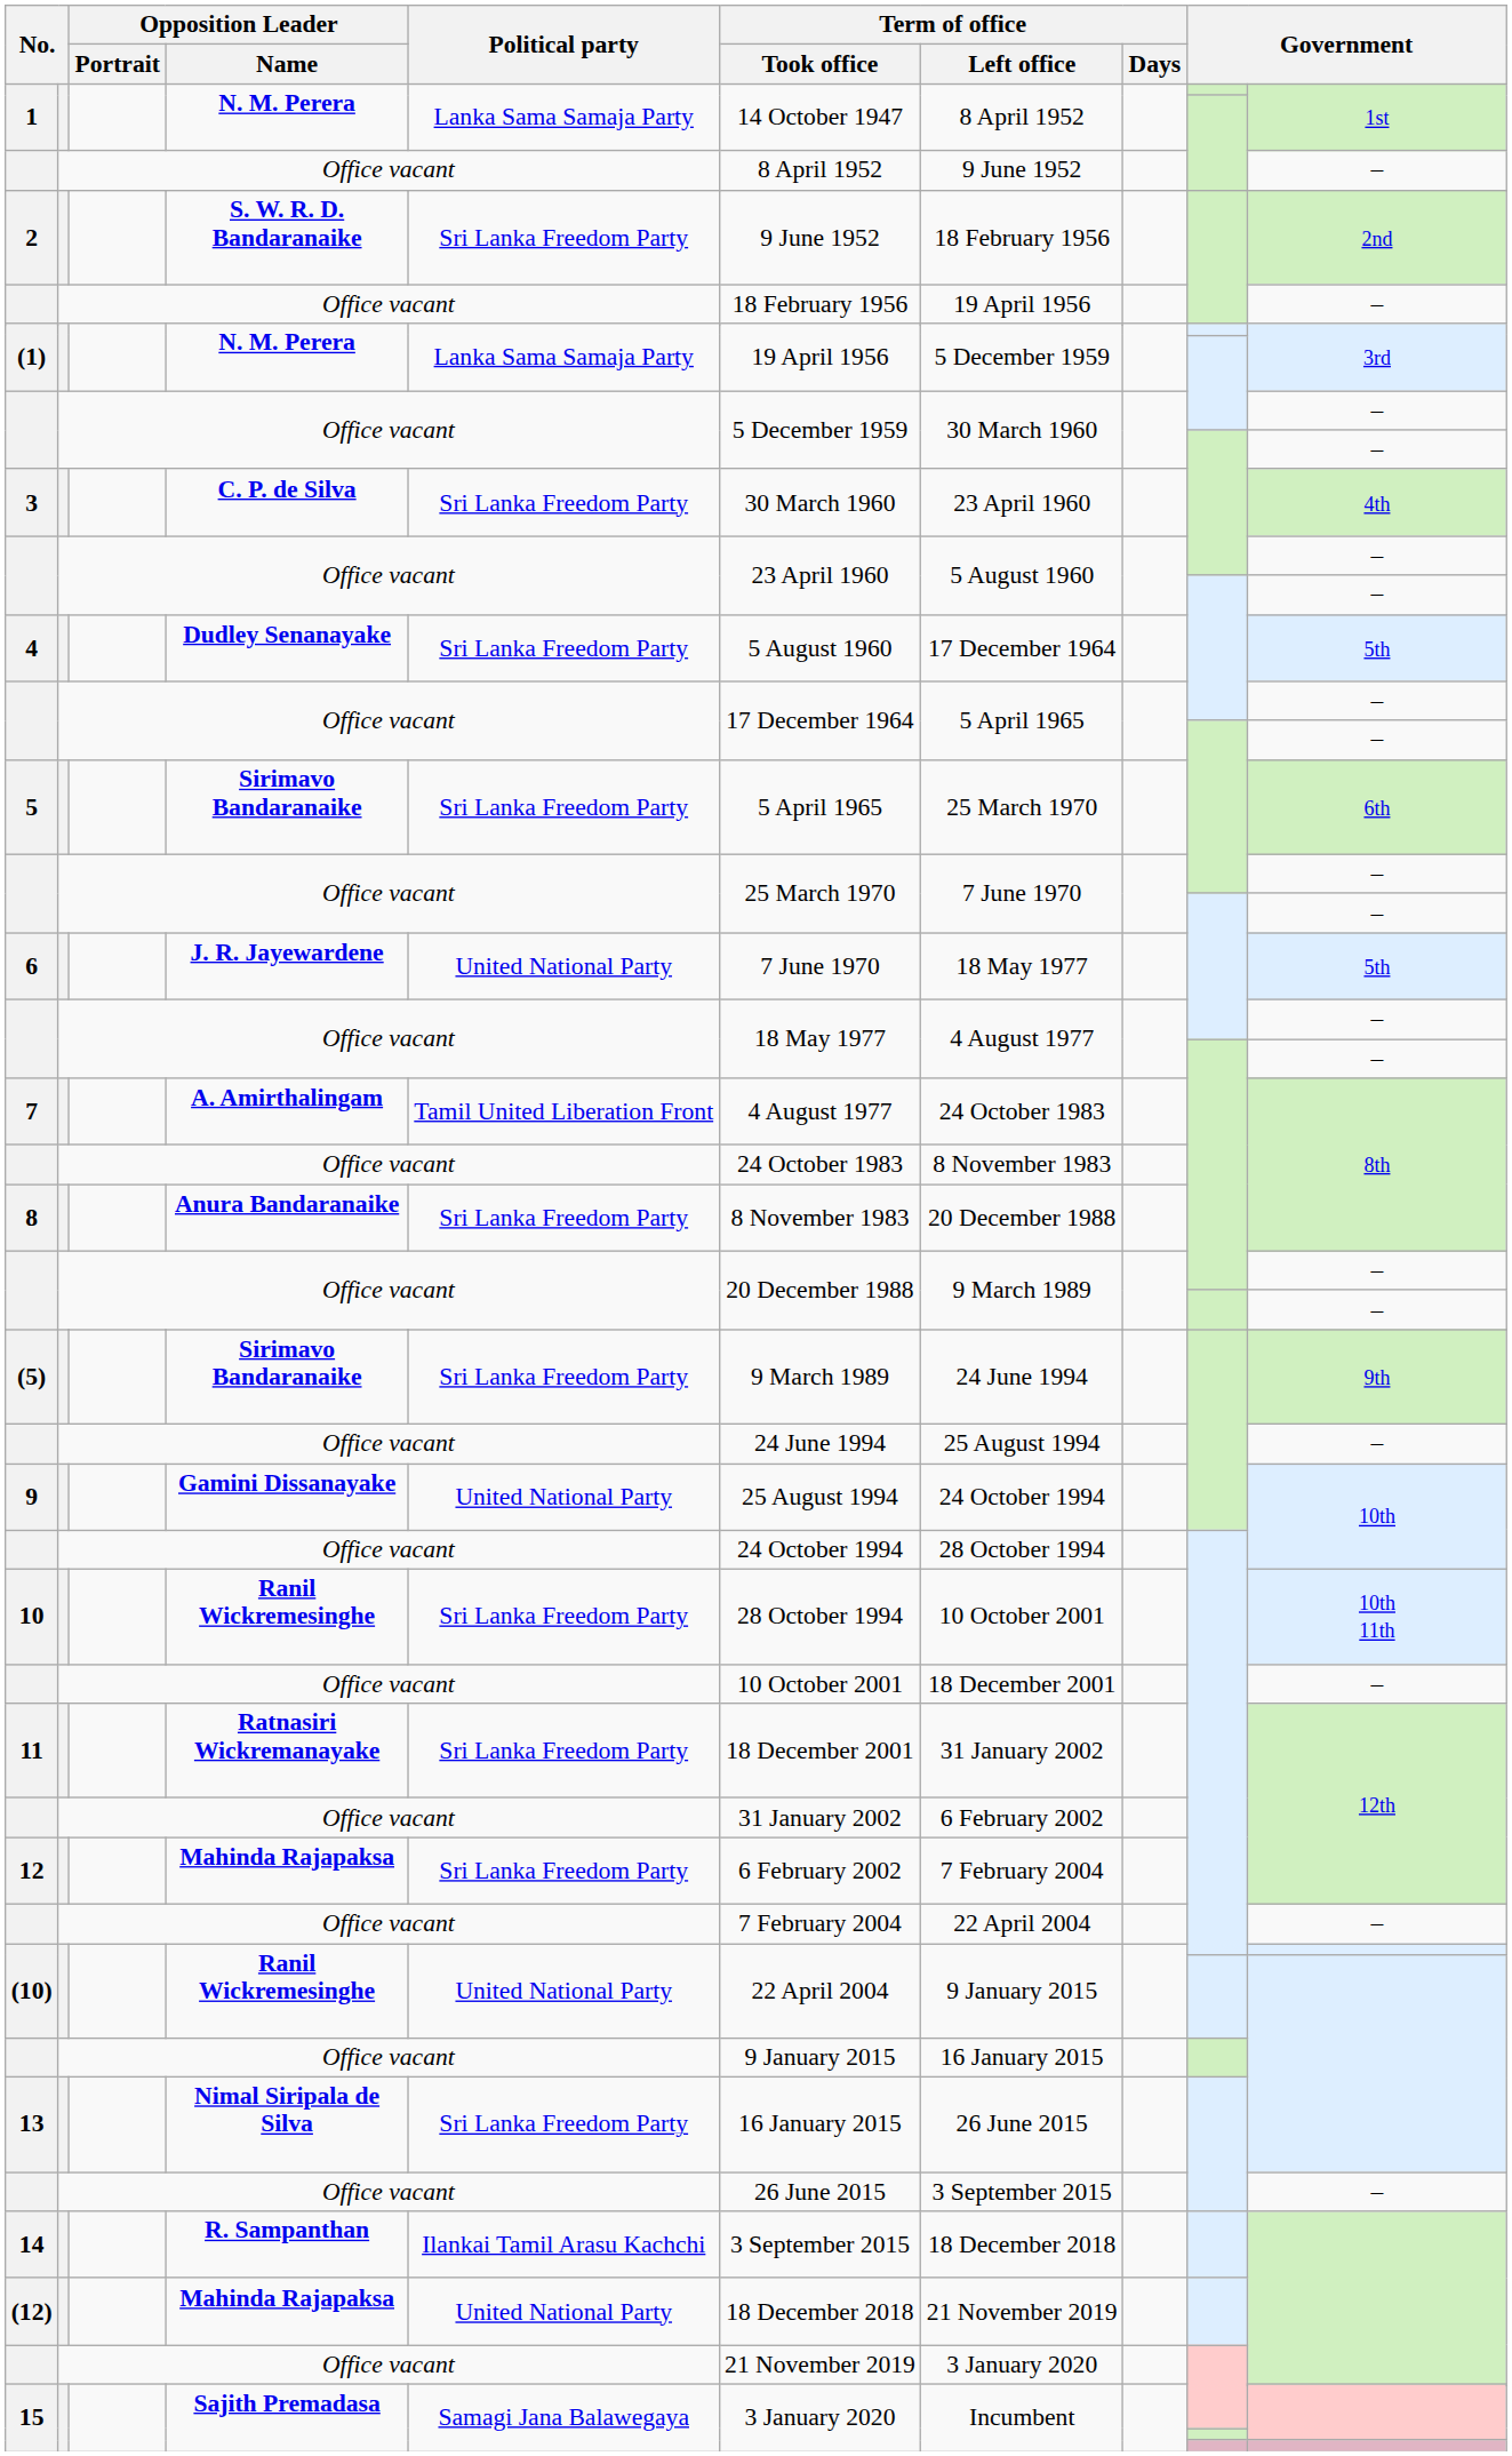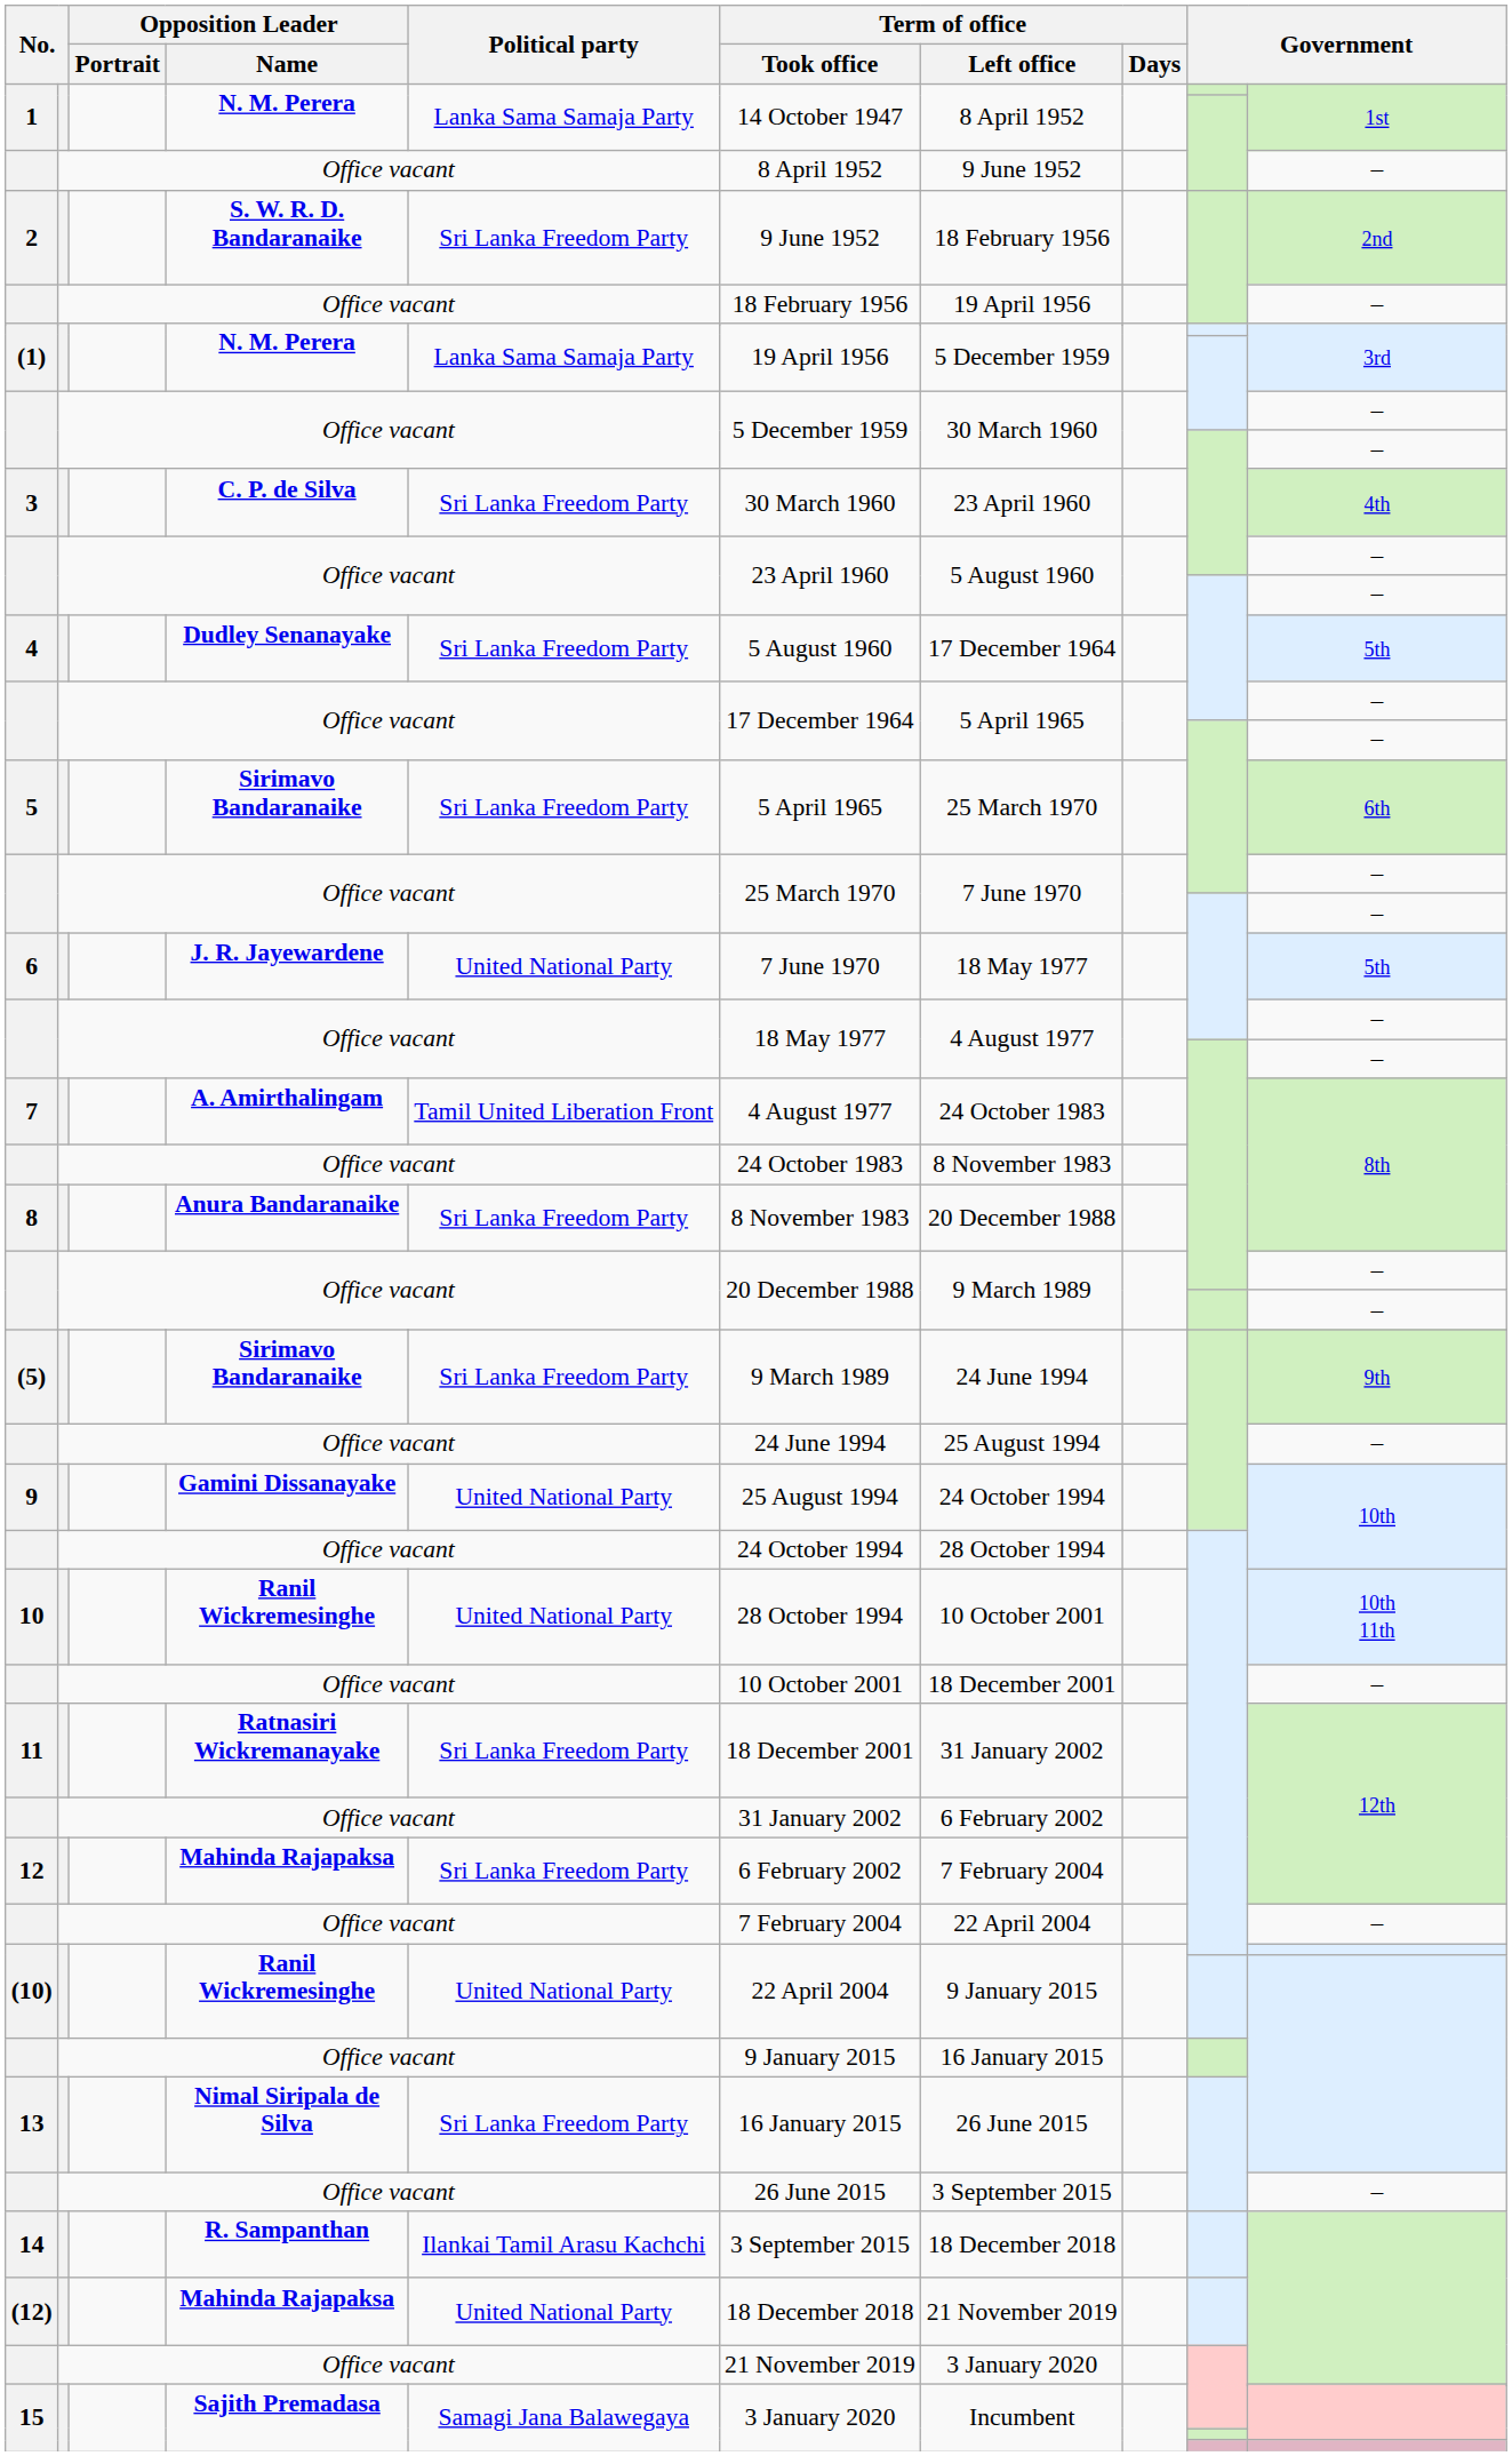 <table class="wikitable" style="text-align:center">
 <tr>
 <th colspan="2" rowspan="2">No.<br></th>
 <th colspan="2">Opposition Leader</th>
 <th rowspan="2">Political party</th>
 <th colspan="3">Term of office</th>
 <th style="width:200px;" colspan="2" rowspan="2">Government</th>
 </tr>
 <tr>
 <th>Portrait</th>
 <th width="150px">Name<br></th>
 <th>Took office</th>
 <th>Left office</th>
 <th>Days</th>
 </tr>
 <tr>
 <th rowspan="2">1</th>
 <th rowspan="2" style="background:"></th>
 <td rowspan=2></td>
 <td rowspan=2><strong><a href='#'>N. M. Perera</a></strong><br><br></td>
 <td rowspan="2"><a href='#'>Lanka Sama Samaja Party</a></td>
 <td rowspan="2">14 October 1947</td>
 <td rowspan=2>8 April 1952</td>
 <td rowspan=2></td>
 <td bgcolor=#D0F0C0></td>
 <td rowspan="2" bgcolor=#D0F0C0><small><a href='#'>1st</a></small></td>
 </tr>
 <tr>
 <td rowspan="3" bgcolor=#D0F0C0></td>
 </tr>
 <tr>
 <th></th>
 <td colspan="4"><em>Office vacant</em></td>
 <td>8 April 1952</td>
 <td>9 June 1952</td>
 <td></td>
 <td>–</td>
 </tr>
 <tr>
 <th rowspan="2">2</th>
 <th rowspan="2" style="background:"></th>
 <td rowspan=2></td>
 <td rowspan=2><strong><a href='#'>S. W. R. D. Bandaranaike</a></strong><br><br></td>
 <td rowspan="2"><a href='#'>Sri Lanka Freedom Party</a></td>
 <td rowspan="2">9 June 1952</td>
 <td rowspan=2>18 February 1956</td>
 <td rowspan=2></td>
 <td rowspan="2" bgcolor=#D0F0C0><small><a href='#'>2nd</a></small></td>
 </tr>
 <tr>
 <td rowspan="2" bgcolor=#D0F0C0></td>
 </tr>
 <tr>
 <th rowspan="2"></th>
 <td colspan="4" rowspan="2"><em>Office vacant</em></td>
 <td rowspan=2>18 February 1956</td>
 <td rowspan=2>19 April 1956</td>
 <td rowspan=2></td>
 <td>–</td>
 </tr>
 <tr>
 <td rowspan="2" bgcolor=#ddeeff></td>
 <td rowspan="3" bgcolor=#ddeeff><small><a href='#'>3rd</a></small></td>
 </tr>
 <tr>
 <th rowspan="2">(1)</th>
 <th rowspan="2" style="background:"></th>
 <td rowspan=2></td>
 <td rowspan=2><strong><a href='#'>N. M. Perera</a></strong><br><br></td>
 <td rowspan="2"><a href='#'>Lanka Sama Samaja Party</a></td>
 <td rowspan="2">19 April 1956</td>
 <td rowspan=2>5 December 1959</td>
 <td rowspan=2></td>
 </tr>
 <tr>
 <td rowspan="2" bgcolor=#ddeeff></td>
 </tr>
 <tr>
 <th rowspan="2"></th>
 <td colspan="4" rowspan="2"><em>Office vacant</em></td>
 <td rowspan=2>5 December 1959</td>
 <td rowspan=2>30 March 1960</td>
 <td rowspan=2></td>
 <td>–</td>
 </tr>
 <tr>
 <td rowspan="3" bgcolor=#D0F0C0></td>
 <td>–</td>
 </tr>
 <tr>
 <th>3</th>
 <th style="background:"></th>
 <td></td>
 <td><strong><a href='#'>C. P. de Silva</a></strong><br><br></td>
 <td><a href='#'>Sri Lanka Freedom Party</a></td>
 <td>30 March 1960</td>
 <td>23 April 1960</td>
 <td></td>
 <td bgcolor=#D0F0C0><small><a href='#'>4th</a></small></td>
 </tr>
 <tr>
 <th rowspan="2"></th>
 <td colspan="4" rowspan="2"><em>Office vacant</em></td>
 <td rowspan=2>23 April 1960</td>
 <td rowspan=2>5 August 1960</td>
 <td rowspan=2></td>
 <td>–</td>
 </tr>
 <tr>
 <td rowspan="3" bgcolor=#ddeeff></td>
 <td>–</td>
 </tr>
 <tr>
 <th>4</th>
 <th style="background:"></th>
 <td></td>
 <td><strong><a href='#'>Dudley Senanayake</a></strong><br><br></td>
 <td><a href='#'>Sri Lanka Freedom Party</a></td>
 <td>5 August 1960</td>
 <td>17 December 1964</td>
 <td></td>
 <td bgcolor=#ddeeff><small><a href='#'>5th</a></small></td>
 </tr>
 <tr>
 <th rowspan="2"></th>
 <td colspan="4" rowspan="2"><em>Office vacant</em></td>
 <td rowspan=2>17 December 1964</td>
 <td rowspan=2>5 April 1965</td>
 <td rowspan=2></td>
 <td>–</td>
 </tr>
 <tr>
 <td rowspan="3" bgcolor=#D0F0C0></td>
 <td>–</td>
 </tr>
 <tr>
 <th>5</th>
 <th style="background:"></th>
 <td></td>
 <td><strong><a href='#'>Sirimavo Bandaranaike</a></strong><br><br></td>
 <td><a href='#'>Sri Lanka Freedom Party</a></td>
 <td>5 April 1965</td>
 <td>25 March 1970</td>
 <td></td>
 <td bgcolor=#D0F0C0><small><a href='#'>6th</a></small></td>
 </tr>
 <tr>
 <th rowspan="2"></th>
 <td colspan="4" rowspan="2"><em>Office vacant</em></td>
 <td rowspan=2>25 March 1970</td>
 <td rowspan=2>7 June 1970</td>
 <td rowspan=2></td>
 <td>–</td>
 </tr>
 <tr>
 <td rowspan="3" bgcolor=#ddeeff></td>
 <td>–</td>
 </tr>
 <tr>
 <th>6</th>
 <th style="background:"></th>
 <td></td>
 <td><strong><a href='#'>J. R. Jayewardene</a></strong><br><br></td>
 <td><a href='#'>United National Party</a></td>
 <td>7 June 1970</td>
 <td>18 May 1977</td>
 <td></td>
 <td bgcolor=#ddeeff><small><a href='#'>5th</a></small></td>
 </tr>
 <tr>
 <th rowspan="2"></th>
 <td colspan="4" rowspan="2"><em>Office vacant</em></td>
 <td rowspan=2>18 May 1977</td>
 <td rowspan=2>4 August 1977</td>
 <td rowspan=2></td>
 <td>–</td>
 </tr>
 <tr>
 <td rowspan="5" bgcolor=#D0F0C0></td>
 <td>–</td>
 </tr>
 <tr>
 <th>7</th>
 <th style="background:"></th>
 <td></td>
 <td><strong><a href='#'>A. Amirthalingam</a></strong><br><br></td>
 <td><a href='#'>Tamil United Liberation Front</a></td>
 <td>4 August 1977</td>
 <td>24 October 1983</td>
 <td></td>
 <td rowspan="3" bgcolor=#D0F0C0><small><a href='#'>8th</a></small></td>
 </tr>
 <tr>
 <th></th>
 <td colspan="4"><em>Office vacant</em></td>
 <td>24 October 1983</td>
 <td>8 November 1983</td>
 <td></td>
 </tr>
 <tr>
 <th>8</th>
 <th style="background:"></th>
 <td></td>
 <td><strong><a href='#'>Anura Bandaranaike</a></strong><br><br></td>
 <td><a href='#'>Sri Lanka Freedom Party</a></td>
 <td>8 November 1983</td>
 <td>20 December 1988</td>
 <td></td>
 </tr>
 <tr>
 <th rowspan="2"></th>
 <td colspan="4" rowspan="2"><em>Office vacant</em></td>
 <td rowspan=2>20 December 1988</td>
 <td rowspan=2>9 March 1989</td>
 <td rowspan=2></td>
 <td>–</td>
 </tr>
 <tr>
 <td rowspan="2" bgcolor=#D0F0C0></td>
 <td>–</td>
 </tr>
 <tr>
 <th rowspan="2">(5)</th>
 <th rowspan="2" style="background:"></th>
 <td rowspan=2></td>
 <td rowspan=2><strong><a href='#'>Sirimavo Bandaranaike</a></strong><br><br></td>
 <td rowspan="2"><a href='#'>Sri Lanka Freedom Party</a></td>
 <td rowspan="2">9 March 1989</td>
 <td rowspan=2>24 June 1994</td>
 <td rowspan=2></td>
 <td rowspan="2" bgcolor=#D0F0C0><small><a href='#'>9th</a></small></td>
 </tr>
 <tr>
 <td rowspan="4" bgcolor="#D0F0C0"></td>
 </tr>
 <tr>
 <th></th>
 <td colspan="4"><em>Office vacant</em></td>
 <td>24 June 1994</td>
 <td>25 August 1994</td>
 <td></td>
 <td>–</td>
 </tr>
 <tr>
 <th>9</th>
 <th style="background:"></th>
 <td></td>
 <td><strong><a href='#'>Gamini Dissanayake</a></strong><br><br></td>
 <td><a href='#'>United National Party</a></td>
 <td>25 August 1994</td>
 <td>24 October 1994</td>
 <td></td>
 <td rowspan="3" bgcolor="#ddeeff"><small><a href='#'>10th</a></small></td>
 </tr>
 <tr>
 <th rowspan="2"></th>
 <td colspan="4" rowspan="2"><em>Office vacant</em></td>
 <td rowspan="2">24 October 1994</td>
 <td rowspan="2">28 October 1994</td>
 <td rowspan="2"></td>
 </tr>
 <tr>
 <td rowspan="8" bgcolor="#ddeeff"></td>
 </tr>
 <tr>
 <th>10</th>
 <th style="background:"></th>
 <td></td>
 <td><strong><a href='#'>Ranil Wickremesinghe</a></strong><br><br></td>
-<td><a href='#'>Sri Lanka Freedom Party</a></td>
+<td><a href='#'>United National Party</a></td>
 <td>28 October 1994</td>
 <td>10 October 2001</td>
 <td></td>
 <td bgcolor="#ddeeff"><small><a href='#'>10th</a></small><br><small><a href='#'>11th</a></small></td>
 </tr>
 <tr>
 <th></th>
 <td colspan="4"><em>Office vacant</em></td>
 <td>10 October 2001</td>
 <td>18 December 2001</td>
 <td></td>
 <td>–</td>
 </tr>
 <tr>
 <th>11</th>
 <th style="background:"></th>
 <td></td>
 <td><strong><a href='#'>Ratnasiri Wickremanayake</a></strong><br><br></td>
 <td><a href='#'>Sri Lanka Freedom Party</a></td>
 <td>18 December 2001</td>
 <td>31 January 2002</td>
 <td></td>
 <td rowspan="3" bgcolor=#D0F0C0><small><a href='#'>12th</a></small></td>
 </tr>
 <tr>
 <th></th>
 <td colspan="4"><em>Office vacant</em></td>
 <td>31 January 2002</td>
 <td>6 February 2002</td>
 <td></td>
 </tr>
 <tr>
 <th>12</th>
 <th style="background:"></th>
 <td></td>
 <td><strong><a href='#'>Mahinda Rajapaksa</a></strong><br><br></td>
 <td><a href='#'>Sri Lanka Freedom Party</a></td>
 <td>6 February 2002</td>
 <td>7 February 2004</td>
 <td></td>
 </tr>
 <tr>
 <th></th>
 <td colspan="4"><em>Office vacant</em></td>
 <td>7 February 2004</td>
 <td>22 April 2004</td>
 <td></td>
 <td>–</td>
 </tr>
 <tr>
 <th rowspan="2">(10)</th>
 <th rowspan="2" style="background:"></th>
 <td rowspan=2></td>
 <td rowspan=2><strong><a href='#'>Ranil Wickremesinghe</a></strong><br><br></td>
 <td rowspan="2"><a href='#'>United National Party</a></td>
 <td rowspan="2">22 April 2004</td>
 <td rowspan=2>9 January 2015</td>
 <td rowspan=2></td>
 <td bgcolor=#ddeeff></td>
 </tr>
 <tr>
 <td bgcolor=#ddeeff></td>
 <td rowspan="3" bgcolor="#ddeeff"></td>
 </tr>
 <tr>
 <th></th>
 <td colspan="4"><em>Office vacant</em></td>
 <td>9 January 2015</td>
 <td>16 January 2015</td>
 <td></td>
 <td rowspan="1" bgcolor=#D0F0C0></td>
 </tr>
 <tr>
 <th>13</th>
 <th style="background:"></th>
 <td></td>
 <td><strong><a href='#'>Nimal Siripala de Silva</a></strong><br><br></td>
 <td><a href='#'>Sri Lanka Freedom Party</a></td>
 <td>16 January 2015</td>
 <td>26 June 2015</td>
 <td></td>
 <td rowspan="2" bgcolor=#ddeeff></td>
 </tr>
 <tr>
 <th></th>
 <td colspan="4"><em>Office vacant</em></td>
 <td>26 June 2015</td>
 <td>3 September 2015</td>
 <td></td>
 <td>–</td>
 </tr>
 <tr>
 <th>14</th>
 <th style="background:"></th>
 <td></td>
 <td><strong><a href='#'>R. Sampanthan</a></strong><br><br></td>
 <td><a href='#'>Ilankai Tamil Arasu Kachchi</a></td>
 <td>3 September 2015</td>
 <td>18 December 2018</td>
 <td></td>
 <td bgcolor=#ddeeff></td>
 <td rowspan="4" bgcolor="#D0F0C0"></td>
 </tr>
 <tr>
 <th>(12)</th>
 <th style="background:"></th>
 <td></td>
 <td><strong><a href='#'>Mahinda Rajapaksa</a></strong><br><br></td>
 <td><a href='#'>United National Party</a></td>
 <td>18 December 2018</td>
 <td>21 November 2019</td>
 <td></td>
 <td bgcolor=#ddeeff></td>
 </tr>
 <tr>
 <th></th>
 <td colspan="4"><em>Office vacant</em></td>
 <td>21 November 2019</td>
 <td>3 January 2020</td>
 <td></td>
 <td rowspan="3" bgcolor="#FFCCCC"></td>
 </tr>
 <tr>
 <th rowspan="4">15</th>
 <th rowspan="4" style="background:"></th>
 <td rowspan="4"></td>
 <td rowspan="4"><strong><a href='#'>Sajith Premadasa</a></strong><br><br></td>
 <td rowspan="4"><a href='#'>Samagi Jana Balawegaya</a></td>
 <td rowspan="4">3 January 2020</td>
 <td rowspan="4">Incumbent</td>
 <td rowspan="4"></td>
 </tr>
 <tr>
 <td rowspan="2" bgcolor="#FFCCCC"></td>
 </tr>
 <tr>
 <td bgcolor="#D0F0C0"></td>
 </tr>
 <tr>
 <td rowspan="3" bgcolor="#E0B5C4"></td>
 <td rowspan="" bgcolor="#E0B5C4"></td>
 </tr>
 </table>
